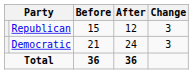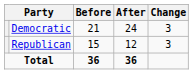 <table class="wikitable" style="text-align:center;">
 <tr>
 <th colspan="2">Party</th>
 <th>Before</th>
 <th>After</th>
 <th>Change</th>
 </tr>
 <tr>
 <th style="background-color:"></th>
-<td style="text-align:left;"><a href='#'>Republican</a></td>
-<td>15</td>
-<td>12</td>
+<td style="text-align:left;"><a href='#'>Democratic</a></td>
+<td>21</td>
+<td>24</td>
 <td> 3</td>
 </tr>
 <tr>
 <th style="background-color:"></th>
-<td style="text-align:left;"><a href='#'>Democratic</a></td>
-<td>21</td>
-<td>24</td>
+<td style="text-align:left;"><a href='#'>Republican</a></td>
+<td>15</td>
+<td>12</td>
 <td> 3</td>
 </tr>
 <tr>
 <td colspan="2"><strong>Total</strong></td>
 <td><strong>36</strong></td>
 <td><strong>36</strong></td>
 <td></td>
 </tr>
 </table>
